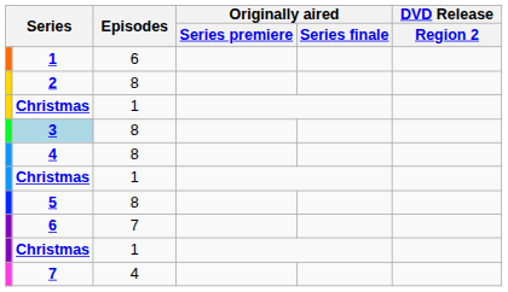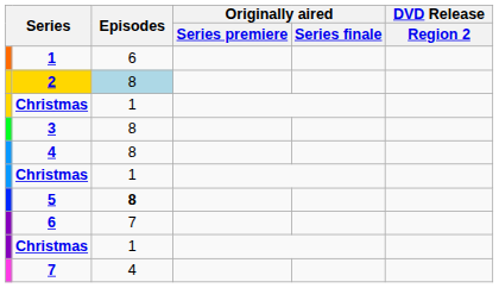 <table class="wikitable" style="text-align: center;">
 <tr>
 <th style="padding: 0 8px;" rowspan="2" colspan="2">Series</th>
 <th style="padding: 0 8px;" rowspan="2">Episodes</th>
 <th style="padding: 0 8px;" colspan="2">Originally aired</th>
 <th style="padding: 0 8px;"><a href='#'>DVD</a> Release</th>
 </tr>
 <tr>
 <th><a href='#'>Series premiere</a></th>
 <th><a href='#'>Series finale</a></th>
 <th><a href='#'>Region 2</a></th>
 </tr>
 <tr>
 <td style="background: #FF6A00;"></td>
 <td><strong><a href='#'>1</a></strong></td>
 <td>6</td>
 <td></td>
 <td></td>
 <td></td>
 </tr>
 <tr>
 <td style="background: #FFD800;"></td>
-<td><strong><a href='#'>2</a></strong></td>
-<td>8</td>
+<td style="background: gold;"><strong><a href='#'>2</a></strong></td>
+<td style="background: lightblue;">8</td>
 <td></td>
 <td></td>
 <td></td>
 </tr>
 <tr>
 <td style="background: #FFD800;"></td>
 <td><strong><a href='#'>Christmas</a></strong></td>
 <td>1</td>
 <td colspan="2"></td>
 <td></td>
 </tr>
 <tr>
 <td style="background: #00FF21;"></td>
-<td style="background: lightblue;"><strong><a href='#'>3</a></strong></td>
+<td><strong><a href='#'>3</a></strong></td>
 <td>8</td>
 <td></td>
 <td></td>
 <td></td>
 </tr>
 <tr>
 <td style="background: #0899FF;"></td>
 <td><strong><a href='#'>4</a></strong></td>
 <td>8</td>
 <td></td>
 <td></td>
 <td></td>
 </tr>
 <tr>
 <td style="background: #0899FF;"></td>
 <td><strong><a href='#'>Christmas</a></strong></td>
 <td>1</td>
 <td colspan="2"></td>
 <td></td>
 </tr>
 <tr>
 <td style="background: #0026FF;"></td>
 <td><strong><a href='#'>5</a></strong></td>
-<td>8</td>
+<td><strong>8</strong></td>
 <td></td>
 <td></td>
 <td></td>
 </tr>
 <tr>
 <td style="background: #8500BD;"></td>
 <td><strong><a href='#'>6</a></strong></td>
 <td>7</td>
 <td></td>
 <td></td>
 <td></td>
 </tr>
 <tr>
 <td style="background: #8500BD;"></td>
 <td><strong><a href='#'>Christmas</a></strong></td>
 <td>1</td>
 <td colspan="2"></td>
 <td></td>
 </tr>
 <tr>
 <td style="background: #FF3BE6;"></td>
 <td><strong><a href='#'>7</a></strong></td>
 <td>4</td>
 <td></td>
 <td></td>
 <td></td>
 </tr>
 </table>
